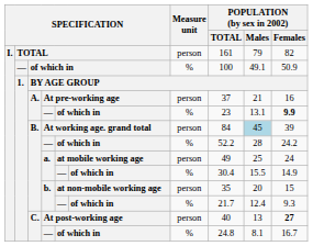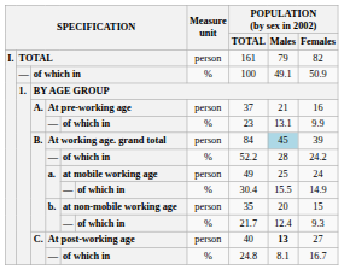 <table class="wikitable" style="font-size:85%; text-align:center">
 <tr>
 <th rowspan="2" colspan="6">SPECIFICATION</th>
 <th rowspan="2">Measure<br> unit</th>
 <th colspan="3" rowspan="1">POPULATION<br> (by sex in 2002)</th>
 </tr>
 <tr>
 <th>TOTAL</th>
 <th>Males</th>
 <th>Females</th>
 </tr>
 <tr>
 <th style="text-align:left" valign="top" rowspan="13">I.</th>
 <th style="text-align:left" colspan="5">TOTAL</th>
 <td>person</td>
 <td>161</td>
 <td>79</td>
 <td>82</td>
 </tr>
 <tr>
 <th style="text-align:left" valign="top">—</th>
 <th style="text-align:left" colspan="4">of which in</th>
 <td>%</td>
 <td>100</td>
 <td>49.1</td>
 <td>50.9</td>
 </tr>
 <tr>
 <th style="text-align:left" valign="top" rowspan="11">1.</th>
 <th style="text-align:left" colspan="19">BY AGE GROUP</th>
 </tr>
 <tr>
 <th style="text-align:left" valign="top" rowspan="2">A.</th>
 <th style="text-align:left" colspan="3">At pre-working age</th>
 <td>person</td>
 <td>37</td>
 <td>21</td>
 <td>16</td>
 </tr>
 <tr>
 <th style="text-align:left" valign="top">—</th>
 <th style="text-align:left" valign="top" colspan="2">of which in</th>
 <td>%</td>
 <td>23</td>
 <td>13.1</td>
-<td><strong>9.9</strong></td>
+<td>9.9</td>
 </tr>
 <tr>
 <th style="text-align:left" valign="top" rowspan="6">B.</th>
 <th style="text-align:left" colspan="3">At working age. grand total</th>
 <td>person</td>
 <td>84</td>
 <td style="background: lightblue;">45</td>
 <td>39</td>
 </tr>
 <tr>
 <th style="text-align:left" valign="top">—</th>
 <th style="text-align:left" valign="top" colspan="2">of which in</th>
 <td>%</td>
 <td>52.2</td>
 <td>28</td>
 <td>24.2</td>
 </tr>
 <tr>
 <th style="text-align:left" valign="top" rowspan="2">a.</th>
 <th style="text-align:left" colspan="2">at mobile working age</th>
 <td>person</td>
 <td>49</td>
 <td>25</td>
 <td>24</td>
 </tr>
 <tr>
 <th style="text-align:left" valign="top">—</th>
 <th style="text-align:left" valign="top" colspan="1">of which in                        </th>
 <td>%</td>
 <td>30.4</td>
 <td>15.5</td>
 <td>14.9</td>
 </tr>
 <tr>
 <th style="text-align:left" valign="top" rowspan="2">b.</th>
 <th style="text-align:left" colspan="2">at non-mobile working age</th>
 <td>person</td>
 <td>35</td>
 <td>20</td>
 <td>15</td>
 </tr>
 <tr>
 <th style="text-align:left" valign="top">—</th>
 <th style="text-align:left" valign="top" colspan="1">of which in                        </th>
 <td>%</td>
 <td>21.7</td>
 <td>12.4</td>
 <td>9.3</td>
 </tr>
 <tr>
 <th style="text-align:left" valign="top" rowspan="2">C.</th>
 <th style="text-align:left" colspan="3">At post-working age</th>
 <td>person</td>
 <td>40</td>
-<td>13</td>
-<td><strong>27</strong></td>
+<td><strong>13</strong></td>
+<td>27</td>
 </tr>
 <tr>
 <th style="text-align:left" valign="top">—</th>
 <th style="text-align:left" valign="top" colspan="2">of which in</th>
 <td>%</td>
 <td>24.8</td>
 <td>8.1</td>
 <td>16.7</td>
 </tr>
 </table>
